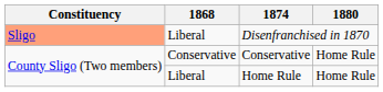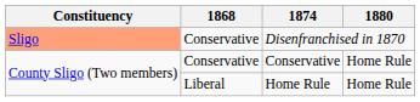 <table class="wikitable">
 <tr>
 <th>Constituency</th>
 <th>1868</th>
 <th>1874</th>
 <th>1880</th>
 </tr>
 <tr>
 <td style="background: lightsalmon;"><a href='#'>Sligo</a></td>
-<td>Liberal</td>
+<td>Conservative</td>
 <td colspan="2"><em>Disenfranchised in 1870</em></td>
 </tr>
 <tr>
 <td rowspan="2"><a href='#'>County Sligo</a> (Two members)</td>
 <td>Conservative</td>
 <td>Conservative</td>
 <td>Home Rule</td>
 </tr>
 <tr>
 <td>Liberal</td>
 <td>Home Rule</td>
 <td>Home Rule</td>
 </tr>
 </table>
